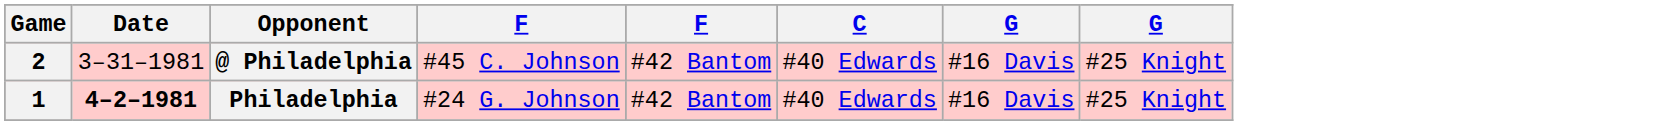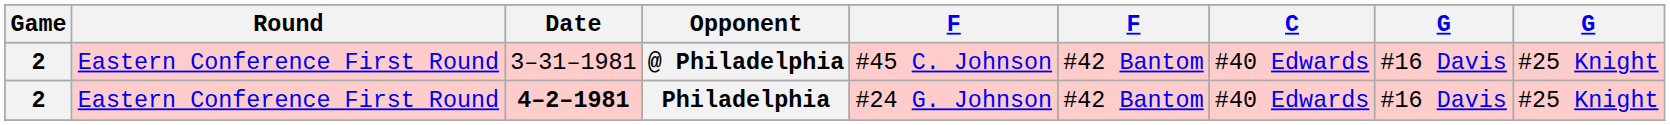 <table class="wikitable">
 <tr>
 <th>Game</th>
+<th>Round</th>
 <th>Date</th>
 <th>Opponent</th>
 <th><a href='#'>F</a></th>
 <th><a href='#'>F</a></th>
 <th><a href='#'>C</a></th>
 <th><a href='#'>G</a></th>
 <th><a href='#'>G</a></th>
 </tr>
 <tr align="center" bgcolor="#ffcccc">
 <th>2</th>
+<td><a href='#'>Eastern Conference First Round</a></td>
 <td>3–31–1981</td>
 <th>@ Philadelphia</th>
 <td>#45 <a href='#'>C. Johnson</a></td>
 <td>#42 <a href='#'>Bantom</a></td>
 <td>#40 <a href='#'>Edwards</a></td>
 <td>#16 <a href='#'>Davis</a></td>
 <td>#25 <a href='#'>Knight</a></td>
 </tr>
 <tr align="center" bgcolor="#ffcccc">
-<th>1</th>
+<th>2</th>
+<td><a href='#'>Eastern Conference First Round</a></td>
 <td><strong>4–2–1981</strong></td>
 <th>Philadelphia</th>
 <td>#24 <a href='#'>G. Johnson</a></td>
 <td>#42 <a href='#'>Bantom</a></td>
 <td>#40 <a href='#'>Edwards</a></td>
 <td>#16 <a href='#'>Davis</a></td>
 <td>#25 <a href='#'>Knight</a></td>
 </tr>
 </table>
